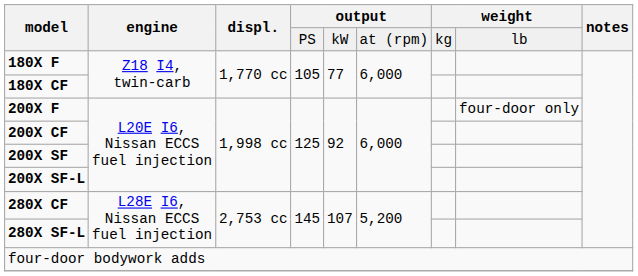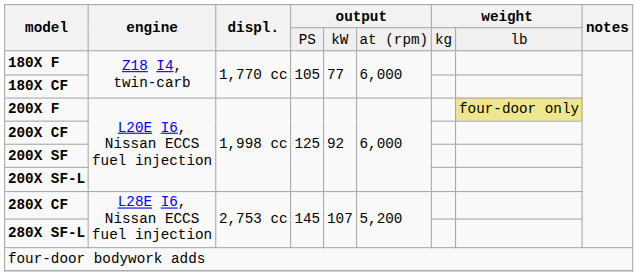 <table class="wikitable" style="text-align:left">
 <tr>
 <th rowspan="2">model</th>
 <th rowspan="2">engine</th>
 <th rowspan="2">displ.</th>
 <th colspan="3">output</th>
 <th colspan="2">weight</th>
 <th rowspan="2">notes</th>
 </tr>
 <tr>
 <td align="center" style="background:#f0f0f0;">PS</td>
 <td align="center" style="background:#f0f0f0;">kW</td>
 <td align="center" style="background:#f0f0f0;">at (rpm)</td>
 <td align="center" style="background:#f0f0f0;">kg</td>
 <td align="center" style="background:#f0f0f0;">lb</td>
 </tr>
 <tr>
 <td><strong>180X F</strong></td>
 <td rowspan="2" align="center"><a href='#'>Z18</a> <a href='#'>I4</a>,<br>twin-carb</td>
 <td rowspan="2">1,770 cc</td>
 <td rowspan="2">105</td>
 <td rowspan="2">77</td>
 <td rowspan="2">6,000</td>
 <td></td>
 <td></td>
 </tr>
 <tr>
 <td><strong>180X CF</strong></td>
 <td></td>
 <td></td>
 </tr>
 <tr>
 <td><strong>200X F</strong></td>
 <td rowspan="4" align="center"><a href='#'>L20E</a> <a href='#'>I6</a>,<br>Nissan ECCS<br>fuel injection</td>
 <td rowspan="4">1,998 cc</td>
 <td rowspan="4">125</td>
 <td rowspan="4">92</td>
 <td rowspan="4">6,000</td>
 <td></td>
-<td>four-door only</td>
+<td style="background: khaki;">four-door only</td>
 </tr>
 <tr>
 <td><strong>200X CF</strong></td>
 <td></td>
 <td></td>
 </tr>
 <tr>
 <td><strong>200X SF</strong></td>
 <td></td>
 <td></td>
 </tr>
 <tr>
 <td><strong>200X SF-L</strong></td>
 <td></td>
 <td></td>
 </tr>
 <tr>
 <td><strong>280X CF</strong></td>
 <td rowspan="2" align="center"><a href='#'>L28E</a> <a href='#'>I6</a>,<br>Nissan ECCS<br>fuel injection</td>
 <td rowspan="2">2,753 cc</td>
 <td rowspan="2">145</td>
 <td rowspan="2">107</td>
 <td rowspan="2">5,200</td>
 <td></td>
 <td></td>
 </tr>
 <tr>
 <td><strong>280X SF-L</strong></td>
 <td></td>
 <td></td>
 </tr>
 <tr>
 <td colspan="9">four-door bodywork adds </td>
 </tr>
 <tr>
 </tr>
 </table>
